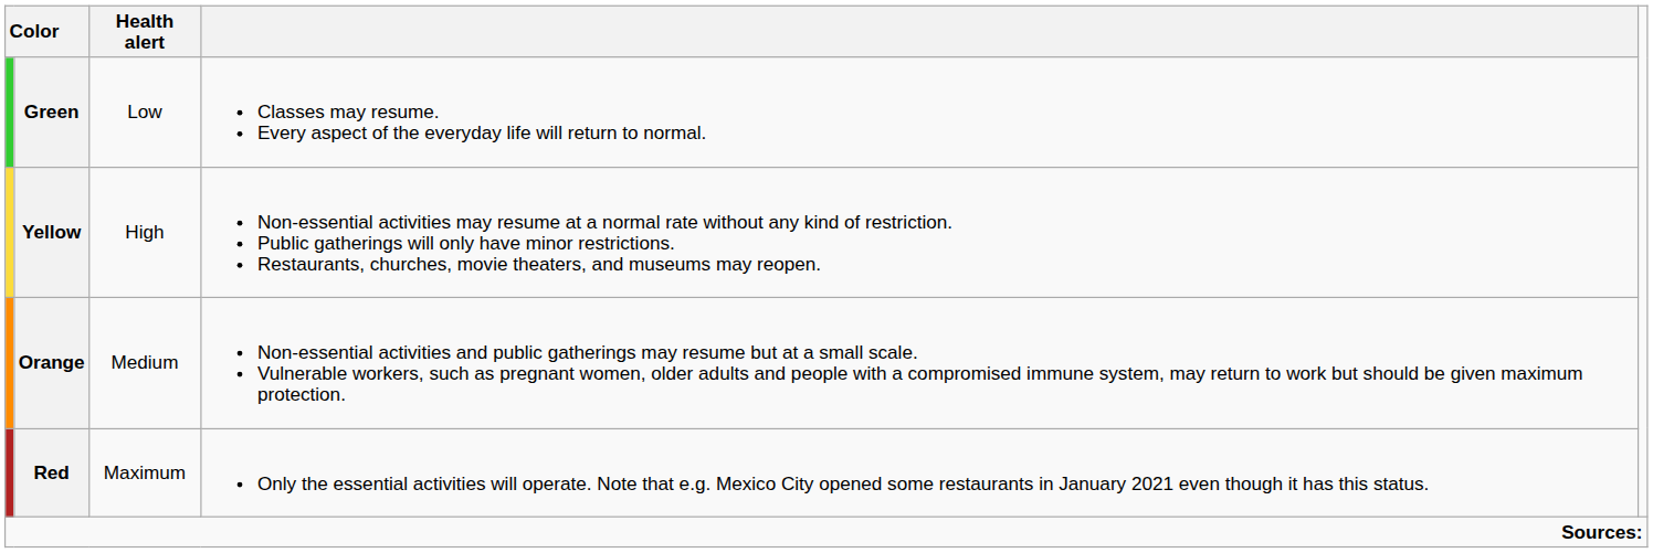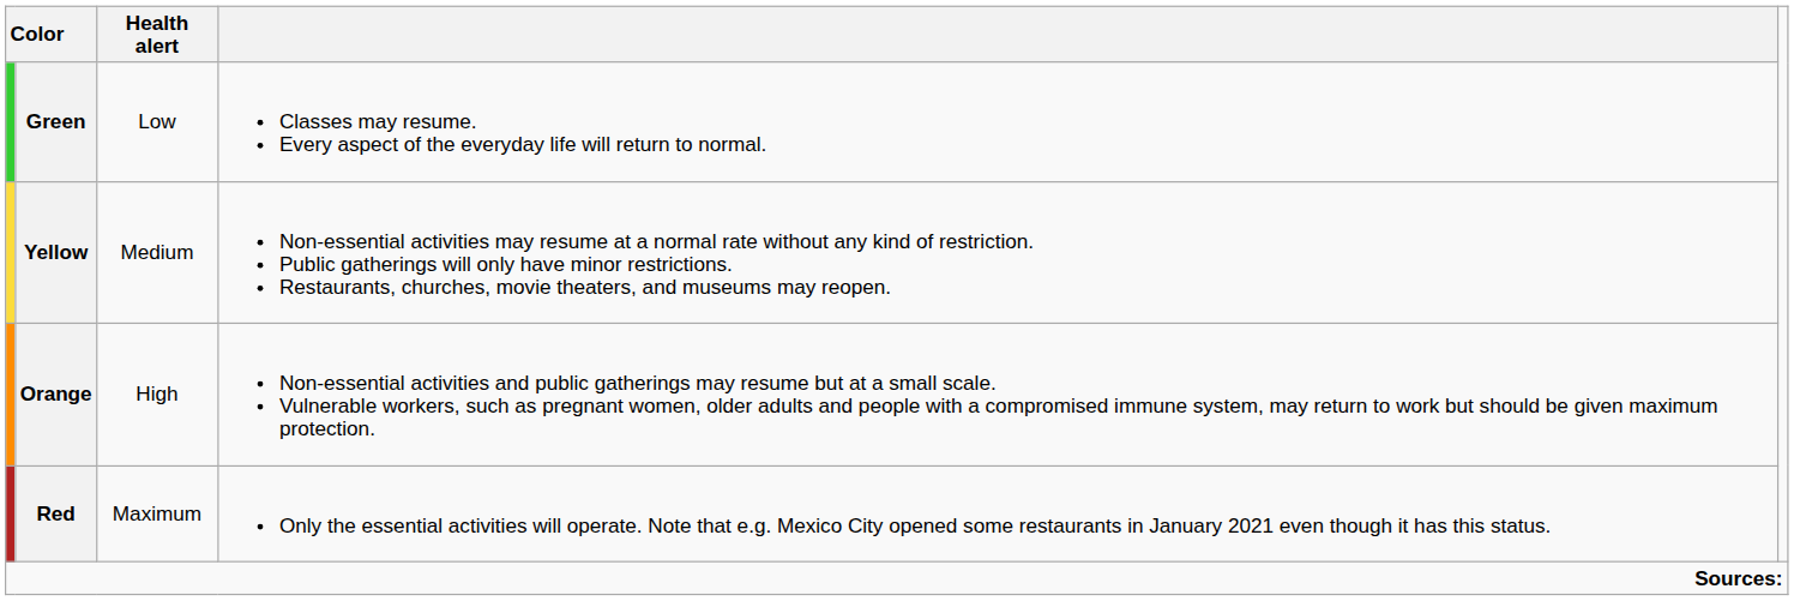 <table class="wikitable sortable" style="display: inline-table; font-size:90%; text-align:center ;">
 <tr>
 <th colspan="2" style="text-align:left;">Color</th>
 <th>Health alert</th>
 <th></th>
 <td rowspan="5"><br></td>
 </tr>
 <tr>
 <td bgcolor="#32CD32"></td>
 <th>Green</th>
 <td>Low</td>
 <td style="text-align:left"><br><ul><li>Classes may resume.</li><li>Every aspect of the everyday life will return to normal.</li></ul></td>
 </tr>
 <tr>
 <td bgcolor="#FCDC3B"></td>
 <th>Yellow</th>
-<td>High</td>
+<td>Medium</td>
 <td style="text-align:left"><br><ul><li>Non-essential activities may resume at a normal rate without any kind of restriction.</li><li>Public gatherings will only have minor restrictions.</li><li>Restaurants, churches, movie theaters, and museums may reopen.</li></ul></td>
 </tr>
 <tr>
 <td bgcolor="#FF8C00"></td>
 <th>Orange</th>
-<td>Medium</td>
+<td>High</td>
 <td style="text-align:left"><br><ul><li>Non-essential activities and public gatherings may resume but at a small scale.</li><li>Vulnerable workers, such as pregnant women, older adults and people with a compromised immune system, may return to work but should be given maximum protection.</li></ul></td>
 </tr>
 <tr>
 <td bgcolor="#B22222"></td>
 <th>Red</th>
 <td>Maximum</td>
 <td style="text-align:left"><br><ul><li>Only the essential activities will operate. Note that e.g. Mexico City opened some restaurants in January 2021 even though it has this status.</li></ul></td>
 </tr>
 <tr>
 <td style="text-align:right;" colspan="5"><strong>Sources:</strong></td>
 </tr>
 </table>
